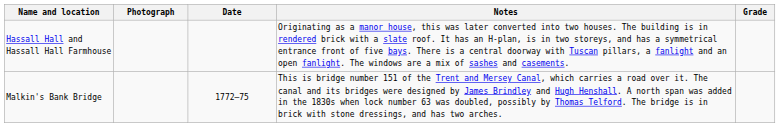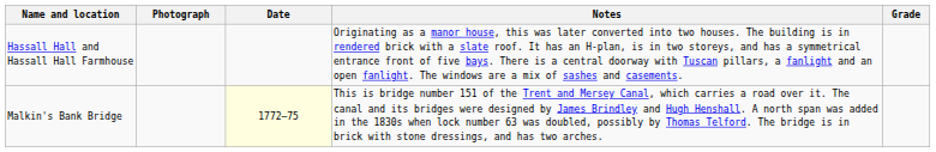 <table class="wikitable sortable plainrowheaders" style="width:100%;border:0px;text-align:left;line-height:150%;">
 <tr>
 <th scope="col"  style="width:150px">Name and location</th>
 <th scope="col"  style="width:100px" class="unsortable">Photograph</th>
 <th scope="col"  style="width:120px">Date</th>
 <th scope="col"  style="width:650px" class="unsortable">Notes</th>
 <th scope="col"  style="width:50px">Grade</th>
 </tr>
 <tr>
 <td><a href='#'>Hassall Hall</a> and Hassall Hall Farmhouse<br><small></small></td>
 <td></td>
 <td align="center"></td>
 <td>Originating as a <a href='#'>manor house</a>, this was later converted into two houses.  The building is in <a href='#'>rendered</a> brick with a <a href='#'>slate</a> roof.  It has an H-plan, is in two storeys, and has a symmetrical entrance front of five <a href='#'>bays</a>.  There is a central doorway with <a href='#'>Tuscan</a> pillars, a <a href='#'>fanlight</a> and an open <a href='#'>fanlight</a>.  The windows are a mix of <a href='#'>sashes</a> and <a href='#'>casements</a>.</td>
 <td align="center" ></td>
 </tr>
 <tr>
 <td>Malkin's Bank Bridge<br><small></small></td>
 <td></td>
-<td align="center">1772–75</td>
+<td align="center" style="background: lightyellow;">1772–75</td>
 <td>This is bridge number 151 of the <a href='#'>Trent and Mersey Canal</a>, which carries a road over it.  The canal and its bridges were designed by <a href='#'>James Brindley</a> and <a href='#'>Hugh Henshall</a>.  A north span was added in the 1830s when lock number 63 was doubled, possibly by <a href='#'>Thomas Telford</a>.  The bridge is in brick with stone dressings, and has two arches.</td>
 <td align="center" ></td>
 </tr>
 <tr>
 </tr>
 </table>
